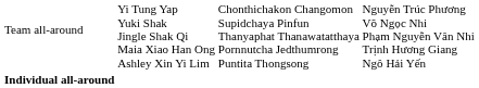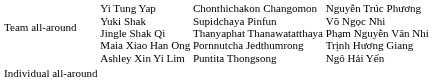 <table>
 <tr>
 <td>Team all-around</td>
 <td nowrap><br>Yi Tung Yap<br>Yuki Shak<br>Jingle Shak Qi<br>Maia Xiao Han Ong<br>Ashley Xin Yi Lim</td>
 <td nowrap><br>Chonthichakon Changomon<br>Supidchaya Pinfun<br>Thanyaphat Thanawatatthaya<br>Pornnutcha Jedthumrong<br>Puntita Thongsong</td>
 <td nowrap><br>Nguyễn Trúc Phương<br>Võ Ngọc Nhi<br>Phạm Nguyễn Vân Nhi<br>Trịnh Hương Giang<br>Ngô Hải Yến</td>
 </tr>
 <tr>
-<td><strong>Individual all-around</strong></td>
+<td>Individual all-around</td>
 <td></td>
 <td></td>
 <td></td>
 </tr>
 </table>
